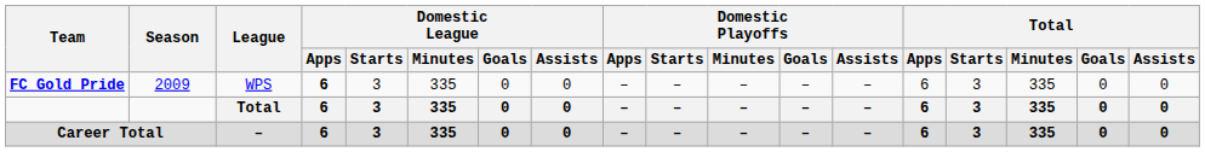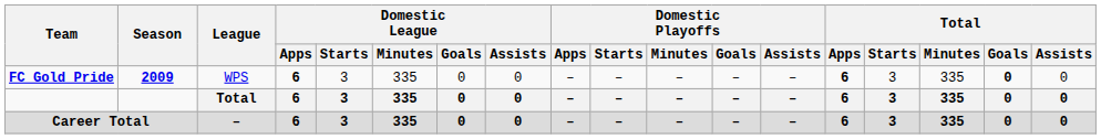 <table class="wikitable" style=font-size:90% text-align: center width=75%>
 <tr>
 <th rowspan=2 width=10%>Team</th>
 <th rowspan=2 width=7%>Season</th>
 <th rowspan=2 width=7%>League</th>
 <th colspan=5 width=20%>Domestic<br>League</th>
 <th colspan=5 width=20%>Domestic<br>Playoffs</th>
 <th colspan=5 width=10%>Total</th>
 </tr>
 <tr>
 <th align=center>Apps</th>
 <th align=center>Starts</th>
 <th align=center>Minutes</th>
 <th align=center>Goals</th>
 <th align=center>Assists</th>
 <th align=center>Apps</th>
 <th align=center>Starts</th>
 <th align=center>Minutes</th>
 <th align=center>Goals</th>
 <th align=center>Assists</th>
 <th align=center>Apps</th>
 <th align=center>Starts</th>
 <th align=center>Minutes</th>
 <th align=center>Goals</th>
 <th align=center>Assists</th>
 </tr>
 <tr>
 <td rowspan=1 align=center><strong><a href='#'>FC Gold Pride</a></strong></td>
-<td align=center><a href='#'>2009</a></td>
+<td align=center><strong><a href='#'>2009</a></strong></td>
 <td align=center><a href='#'>WPS</a></td>
 <td align=center><strong>6</strong></td>
 <td align=center>3</td>
 <td align=center>335</td>
 <td align=center>0</td>
 <td align=center>0</td>
 <td align=center>–</td>
 <td align=center>–</td>
 <td align=center>–</td>
 <td align=center>–</td>
 <td align=center>–</td>
-<td align=center>6</td>
+<td align=center><strong>6</strong></td>
 <td align=center>3</td>
 <td align=center>335</td>
-<td align=center>0</td>
+<td align=center><strong>0</strong></td>
 <td align=center>0</td>
 </tr>
 <tr>
 <td></td>
 <td></td>
 <th>Total</th>
 <th>6</th>
 <th>3</th>
 <th>335</th>
 <th>0</th>
 <th>0</th>
 <th>–</th>
 <th>–</th>
 <th>–</th>
 <th>–</th>
 <th>–</th>
 <th>6</th>
 <th>3</th>
 <th>335</th>
 <th>0</th>
 <th>0</th>
 </tr>
 <tr>
 <th style="background: #DCDCDC" colspan="2">Career Total</th>
 <th style="background: #DCDCDC" align=center>–</th>
 <th style="background: #DCDCDC" align=center>6</th>
 <th style="background: #DCDCDC" align=center>3</th>
 <th style="background: #DCDCDC" align=center>335</th>
 <th style="background: #DCDCDC" align=center>0</th>
 <th style="background: #DCDCDC" align=center>0</th>
 <th style="background: #DCDCDC" align=center>–</th>
 <th style="background: #DCDCDC" align=center>–</th>
 <th style="background: #DCDCDC" align=center>–</th>
 <th style="background: #DCDCDC" align=center>–</th>
 <th style="background: #DCDCDC" align=center>–</th>
 <th style="background: #DCDCDC" align=center>6</th>
 <th style="background: #DCDCDC" align=center>3</th>
 <th style="background: #DCDCDC" align=center>335</th>
 <th style="background: #DCDCDC" align=center>0</th>
 <th style="background: #DCDCDC" align=center>0</th>
 </tr>
 </table>
